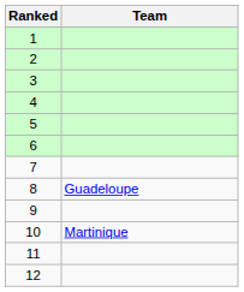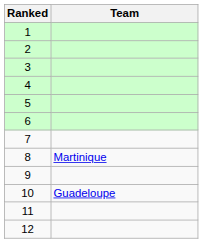 <table class="wikitable" style="text-align:center; font-size:90%">
 <tr>
 <th width=40>Ranked</th>
 <th width=180>Team</th>
 </tr>
 <tr bgcolor="ccffcc">
 <td style="text-align:center">1</td>
 <td style="text-align:left"></td>
 </tr>
 <tr bgcolor="ccffcc">
 <td style="text-align:center">2</td>
 <td style="text-align:left"></td>
 </tr>
 <tr bgcolor="ccffcc">
 <td style="text-align:center">3</td>
 <td style="text-align:left"></td>
 </tr>
 <tr bgcolor="ccffcc">
 <td style="text-align:center">4</td>
 <td style="text-align:left"></td>
 </tr>
 <tr bgcolor="ccffcc">
 <td style="text-align:center">5</td>
 <td style="text-align:left"></td>
 </tr>
 <tr bgcolor="ccffcc">
 <td style="text-align:center">6</td>
 <td style="text-align:left"></td>
 </tr>
 <tr>
 <td style="text-align:center">7</td>
 <td style="text-align:left"></td>
 </tr>
 <tr>
 <td style="text-align:center">8</td>
-<td style="text-align:left"><a href='#'>Guadeloupe</a></td>
+<td style="text-align:left"> <a href='#'>Martinique</a></td>
 </tr>
 <tr>
 <td style="text-align:center">9</td>
 <td style="text-align:left"></td>
 </tr>
 <tr>
 <td style="text-align:center">10</td>
-<td style="text-align:left"> <a href='#'>Martinique</a></td>
+<td style="text-align:left"><a href='#'>Guadeloupe</a></td>
 </tr>
 <tr>
 <td style="text-align:center">11</td>
 <td style="text-align:left"></td>
 </tr>
 <tr>
 <td style="text-align:center">12</td>
 <td style="text-align:left"></td>
 </tr>
 </table>
